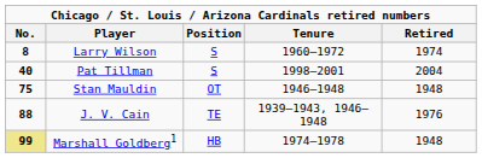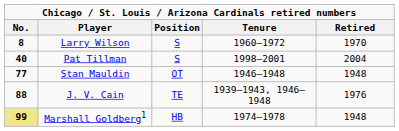 <table class="wikitable sortable" style="text-align:center">
 <tr>
 <td colspan="5"><strong>Chicago / St. Louis / Arizona Cardinals retired numbers</strong></td>
 </tr>
 <tr>
 <th width="40">No.</th>
 <th width="150">Player</th>
 <th width="40">Position</th>
 <th width="150">Tenure</th>
 <th width="100">Retired</th>
 </tr>
 <tr>
 <td><strong>8</strong></td>
 <td><a href='#'>Larry Wilson</a></td>
 <td><a href='#'>S</a></td>
 <td>1960–1972</td>
-<td>1974</td>
+<td>1970</td>
 </tr>
 <tr>
 <td><strong>40</strong></td>
 <td><a href='#'>Pat Tillman</a></td>
 <td><a href='#'>S</a></td>
 <td>1998–2001</td>
 <td>2004</td>
 </tr>
 <tr>
-<td><strong>75</strong></td>
+<td><strong>77</strong></td>
 <td><a href='#'>Stan Mauldin</a></td>
 <td><a href='#'>OT</a></td>
 <td>1946–1948</td>
 <td>1948</td>
 </tr>
 <tr>
 <td><strong>88</strong></td>
 <td><a href='#'>J. V. Cain</a></td>
 <td><a href='#'>TE</a></td>
 <td>1939–1943, 1946–1948</td>
 <td>1976</td>
 </tr>
 <tr>
 <td style="background: khaki;"><strong>99</strong></td>
 <td><a href='#'>Marshall Goldberg</a><sup>1</sup></td>
 <td><a href='#'>HB</a></td>
 <td>1974–1978</td>
 <td>1948</td>
 </tr>
 </table>
